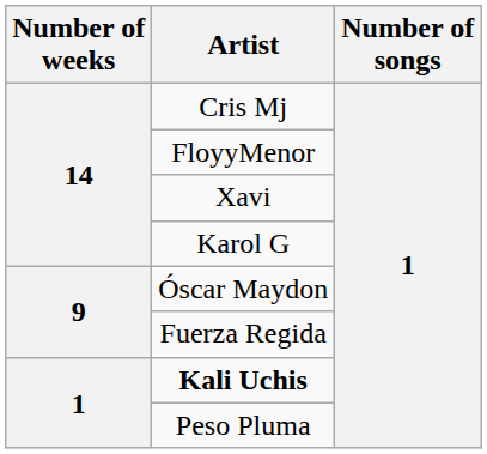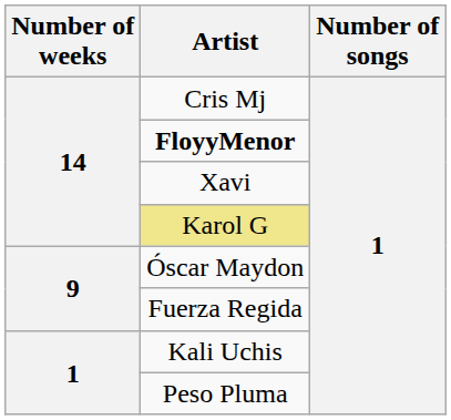 <table class="wikitable plainrowheaders" style="text-align:center">
 <tr>
 <th>Number of<br>weeks</th>
 <th>Artist</th>
 <th>Number of<br>songs</th>
 </tr>
 <tr>
 <th scope="row" style="text-align:center"rowspan=4>14</th>
 <td>Cris Mj</td>
 <th scope="row" style="text-align:center"rowspan=8>1</th>
 </tr>
 <tr>
-<td>FloyyMenor</td>
+<td><strong>FloyyMenor</strong></td>
 </tr>
 <tr>
 <td>Xavi</td>
 </tr>
 <tr>
-<td>Karol G</td>
+<td style="background: khaki;">Karol G</td>
 </tr>
 <tr>
 <th scope="row" style="text-align:center"rowspan=2>9</th>
 <td>Óscar Maydon</td>
 </tr>
 <tr>
 <td>Fuerza Regida</td>
 </tr>
 <tr>
 <th scope="row" style="text-align:center"rowspan=2>1</th>
-<td><strong>Kali Uchis</strong></td>
+<td>Kali Uchis</td>
 </tr>
 <tr>
 <td>Peso Pluma</td>
 </tr>
 </table>
